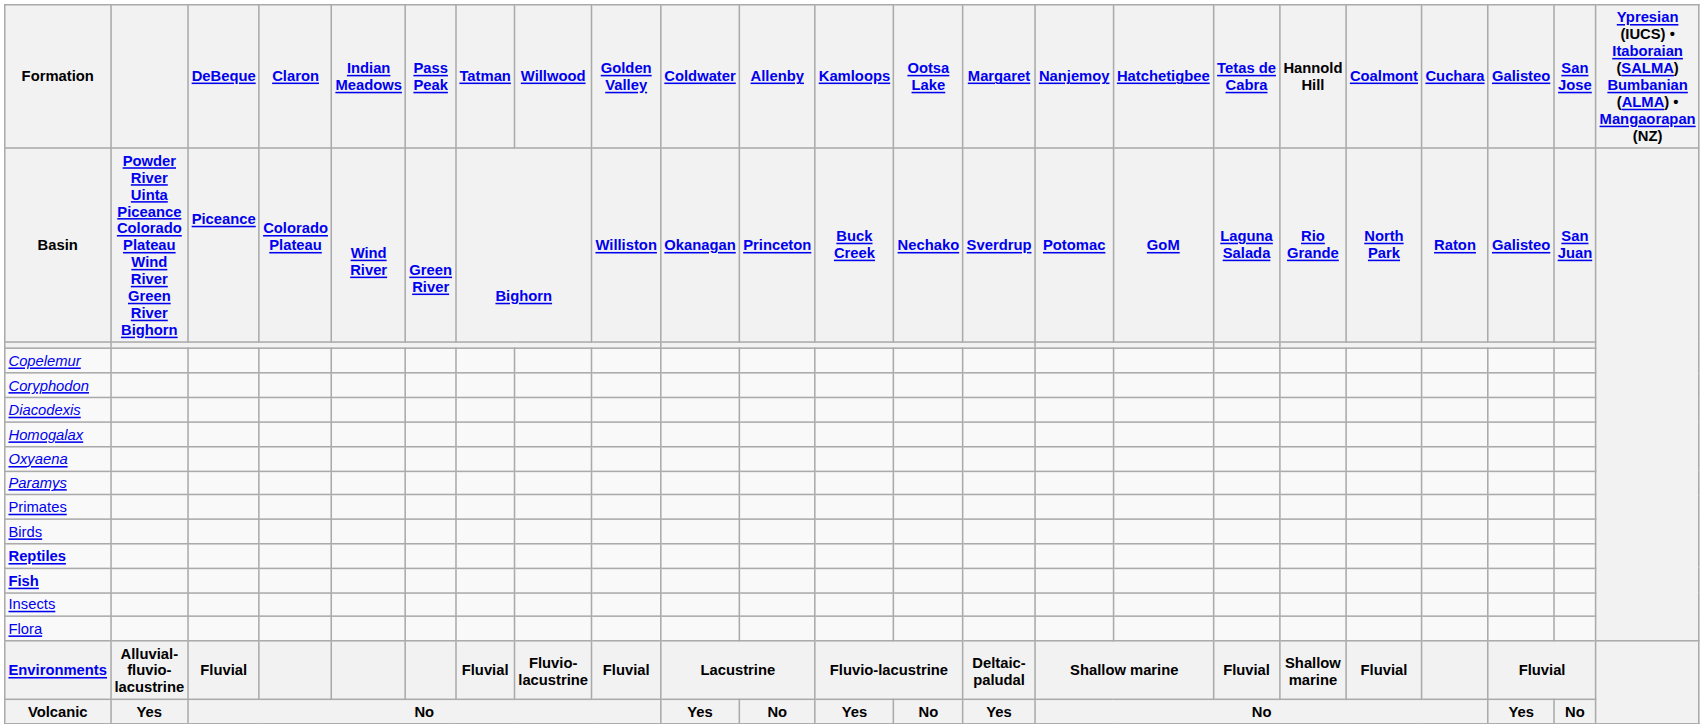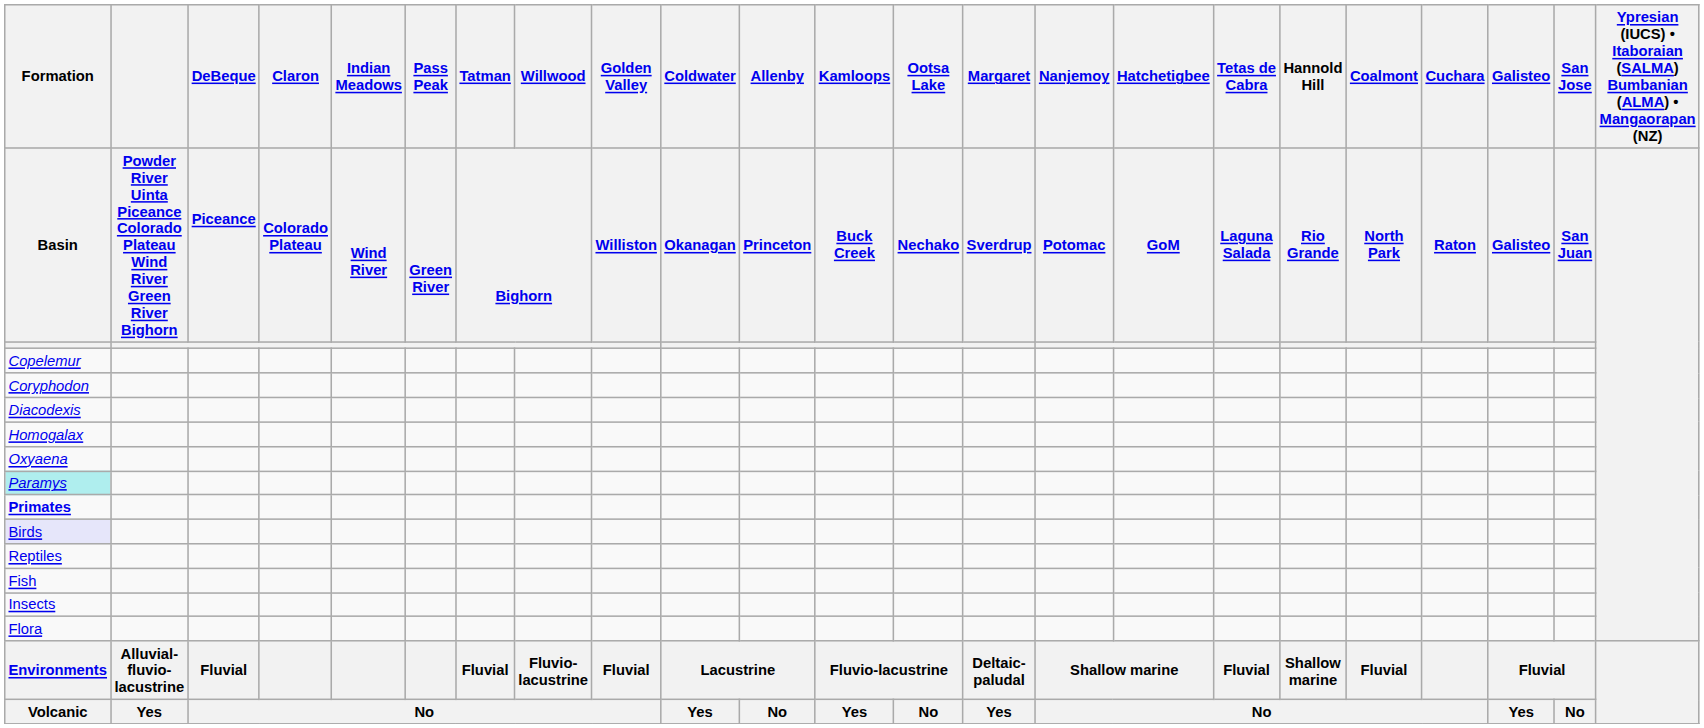 <table class="wikitable" style="font-size: 60%">
 <tr>
 <th>Formation</th>
 <th></th>
 <th><a href='#'>DeBeque</a></th>
 <th><a href='#'>Claron</a></th>
 <th><a href='#'>Indian Meadows</a></th>
 <th><a href='#'>Pass Peak</a></th>
 <th><a href='#'>Tatman</a></th>
 <th><a href='#'>Willwood</a></th>
 <th><a href='#'>Golden Valley</a></th>
 <th><a href='#'>Coldwater</a></th>
 <th><a href='#'>Allenby</a></th>
 <th><a href='#'>Kamloops</a></th>
 <th><a href='#'>Ootsa Lake</a></th>
 <th><a href='#'>Margaret</a></th>
 <th><a href='#'>Nanjemoy</a></th>
 <th><a href='#'>Hatchetigbee</a></th>
 <th><a href='#'>Tetas de Cabra</a></th>
 <th>Hannold Hill</th>
 <th><a href='#'>Coalmont</a></th>
 <th><a href='#'>Cuchara</a></th>
 <th><a href='#'>Galisteo</a></th>
 <th><a href='#'>San Jose</a></th>
 <th><a href='#'>Ypresian</a> (IUCS) • <a href='#'>Itaboraian</a> (<a href='#'>SALMA</a>)<br><a href='#'>Bumbanian</a> (<a href='#'>ALMA</a>) • <a href='#'>Mangaorapan</a> (NZ)</th>
 </tr>
 <tr>
 <th>Basin</th>
 <th><a href='#'>Powder River</a><br><a href='#'>Uinta</a><br><a href='#'>Piceance</a><br><a href='#'>Colorado Plateau</a><br><a href='#'>Wind River</a><br><a href='#'>Green River</a><br><a href='#'>Bighorn</a></th>
 <th><a href='#'>Piceance</a><br><br><br><br></th>
 <th><br><a href='#'>Colorado Plateau</a><br><br><br></th>
 <th><br><br><br><a href='#'>Wind River</a><br><br></th>
 <th><br><br><br><br><a href='#'>Green River</a><br></th>
 <th colspan=2><br><br><br><br><br><br><a href='#'>Bighorn</a></th>
 <th><a href='#'>Williston</a></th>
 <th><a href='#'>Okanagan</a></th>
 <th><a href='#'>Princeton</a></th>
 <th><a href='#'>Buck Creek</a></th>
 <th><a href='#'>Nechako</a></th>
 <th><a href='#'>Sverdrup</a></th>
 <th><a href='#'>Potomac</a></th>
 <th><a href='#'>GoM</a></th>
 <th><a href='#'>Laguna Salada</a></th>
 <th><a href='#'>Rio Grande</a></th>
 <th><a href='#'>North Park</a></th>
 <th><a href='#'>Raton</a></th>
 <th><a href='#'>Galisteo</a></th>
 <th><a href='#'>San Juan</a></th>
 <th align=center rowspan=14></th>
 </tr>
 <tr>
 <th></th>
 <th colspan=8></th>
 <th colspan=5></th>
 <th colspan=2></th>
 <th></th>
 <th colspan=5></th>
 </tr>
 <tr>
 <td><em><a href='#'>Copelemur</a></em></td>
 <td align=center></td>
 <td align=center></td>
 <td align=center></td>
 <td align=center></td>
 <td align=center></td>
 <td align=center></td>
 <td align=center></td>
 <td align=center></td>
 <td align=center></td>
 <td align=center></td>
 <td align=center></td>
 <td align=center></td>
 <td align=center></td>
 <td align=center></td>
 <td align=center></td>
 <td align=center></td>
 <td align=center></td>
 <td align=center></td>
 <td align=center></td>
 <td align=center></td>
 <td align=center></td>
 </tr>
 <tr>
 <td><em><a href='#'>Coryphodon</a></em></td>
 <td align=center></td>
 <td align=center></td>
 <td align=center></td>
 <td align=center></td>
 <td align=center></td>
 <td align=center></td>
 <td align=center></td>
 <td align=center></td>
 <td align=center></td>
 <td align=center></td>
 <td align=center></td>
 <td align=center></td>
 <td align=center></td>
 <td align=center></td>
 <td align=center></td>
 <td align=center></td>
 <td align=center></td>
 <td align=center></td>
 <td align=center></td>
 <td align=center></td>
 <td align=center></td>
 </tr>
 <tr>
 <td><em><a href='#'>Diacodexis</a></em></td>
 <td align=center></td>
 <td align=center></td>
 <td align=center></td>
 <td align=center></td>
 <td align=center></td>
 <td align=center></td>
 <td align=center></td>
 <td align=center></td>
 <td align=center></td>
 <td align=center></td>
 <td align=center></td>
 <td align=center></td>
 <td align=center></td>
 <td align=center></td>
 <td align=center></td>
 <td align=center></td>
 <td align=center></td>
 <td align=center></td>
 <td align=center></td>
 <td align=center></td>
 <td align=center></td>
 </tr>
 <tr>
 <td><em><a href='#'>Homogalax</a></em></td>
 <td align=center></td>
 <td align=center></td>
 <td align=center></td>
 <td align=center></td>
 <td align=center></td>
 <td align=center></td>
 <td align=center></td>
 <td align=center></td>
 <td align=center></td>
 <td align=center></td>
 <td align=center></td>
 <td align=center></td>
 <td align=center></td>
 <td align=center></td>
 <td align=center></td>
 <td align=center></td>
 <td align=center></td>
 <td align=center></td>
 <td align=center></td>
 <td align=center></td>
 <td align=center></td>
 </tr>
 <tr>
 <td><em><a href='#'>Oxyaena</a></em></td>
 <td align=center></td>
 <td align=center></td>
 <td align=center></td>
 <td align=center></td>
 <td align=center></td>
 <td align=center></td>
 <td align=center></td>
 <td align=center></td>
 <td align=center></td>
 <td align=center></td>
 <td align=center></td>
 <td align=center></td>
 <td align=center></td>
 <td align=center></td>
 <td align=center></td>
 <td align=center></td>
 <td align=center></td>
 <td align=center></td>
 <td align=center></td>
 <td align=center></td>
 <td align=center></td>
 </tr>
 <tr>
-<td><em><a href='#'>Paramys</a></em></td>
+<td style="background: paleturquoise;"><em><a href='#'>Paramys</a></em></td>
 <td align=center></td>
 <td align=center></td>
 <td align=center></td>
 <td align=center></td>
 <td align=center></td>
 <td align=center></td>
 <td align=center></td>
 <td align=center></td>
 <td align=center></td>
 <td align=center></td>
 <td align=center></td>
 <td align=center></td>
 <td align=center></td>
 <td align=center></td>
 <td align=center></td>
 <td align=center></td>
 <td align=center></td>
 <td align=center></td>
 <td align=center></td>
 <td align=center></td>
 <td align=center></td>
 </tr>
 <tr>
-<td><a href='#'>Primates</a></td>
+<td><strong><a href='#'>Primates</a></strong></td>
 <td align=center></td>
 <td align=center></td>
 <td align=center></td>
 <td align=center></td>
 <td align=center></td>
 <td align=center></td>
 <td align=center></td>
 <td align=center></td>
 <td align=center></td>
 <td align=center></td>
 <td align=center></td>
 <td align=center></td>
 <td align=center></td>
 <td align=center></td>
 <td align=center></td>
 <td align=center></td>
 <td align=center></td>
 <td align=center></td>
 <td align=center></td>
 <td align=center></td>
 <td align=center></td>
 </tr>
 <tr>
-<td><a href='#'>Birds</a></td>
+<td style="background: lavender;"><a href='#'>Birds</a></td>
 <td align=center></td>
 <td align=center></td>
 <td align=center></td>
 <td align=center></td>
 <td align=center></td>
 <td align=center></td>
 <td align=center></td>
 <td align=center></td>
 <td align=center></td>
 <td align=center></td>
 <td align=center></td>
 <td align=center></td>
 <td align=center></td>
 <td align=center></td>
 <td align=center></td>
 <td align=center></td>
 <td align=center></td>
 <td align=center></td>
 <td align=center></td>
 <td align=center></td>
 <td align=center></td>
 </tr>
 <tr>
-<td><strong><a href='#'>Reptiles</a></strong></td>
+<td><a href='#'>Reptiles</a></td>
 <td align=center></td>
 <td align=center></td>
 <td align=center></td>
 <td align=center></td>
 <td align=center></td>
 <td align=center></td>
 <td align=center></td>
 <td align=center></td>
 <td align=center></td>
 <td align=center></td>
 <td align=center></td>
 <td align=center></td>
 <td align=center></td>
 <td align=center></td>
 <td align=center></td>
 <td align=center></td>
 <td align=center></td>
 <td align=center></td>
 <td align=center></td>
 <td align=center></td>
 <td align=center></td>
 </tr>
 <tr>
-<td><strong><a href='#'>Fish</a></strong></td>
+<td><a href='#'>Fish</a></td>
 <td align=center></td>
 <td align=center></td>
 <td align=center></td>
 <td align=center></td>
 <td align=center></td>
 <td align=center></td>
 <td align=center></td>
 <td align=center></td>
 <td align=center></td>
 <td align=center></td>
 <td align=center></td>
 <td align=center></td>
 <td align=center></td>
 <td align=center></td>
 <td align=center></td>
 <td align=center></td>
 <td align=center></td>
 <td align=center></td>
 <td align=center></td>
 <td align=center></td>
 <td align=center></td>
 </tr>
 <tr>
 <td><a href='#'>Insects</a></td>
 <td align=center></td>
 <td align=center></td>
 <td align=center></td>
 <td align=center></td>
 <td align=center></td>
 <td align=center></td>
 <td align=center></td>
 <td align=center></td>
 <td align=center></td>
 <td align=center></td>
 <td align=center></td>
 <td align=center></td>
 <td align=center></td>
 <td align=center></td>
 <td align=center></td>
 <td align=center></td>
 <td align=center></td>
 <td align=center></td>
 <td align=center></td>
 <td align=center></td>
 <td align=center></td>
 </tr>
 <tr>
 <td><a href='#'>Flora</a></td>
 <td align=center></td>
 <td align=center></td>
 <td align=center></td>
 <td align=center></td>
 <td align=center></td>
 <td align=center></td>
 <td align=center></td>
 <td align=center></td>
 <td align=center></td>
 <td align=center></td>
 <td align=center></td>
 <td align=center></td>
 <td align=center></td>
 <td align=center></td>
 <td align=center></td>
 <td align=center></td>
 <td align=center></td>
 <td align=center></td>
 <td align=center></td>
 <td align=center></td>
 <td align=center></td>
 </tr>
 <tr>
 <th><a href='#'>Environments</a></th>
 <th>Alluvial-fluvio-lacustrine</th>
 <th>Fluvial</th>
 <th></th>
 <th></th>
 <th></th>
 <th>Fluvial</th>
 <th>Fluvio-lacustrine</th>
 <th>Fluvial</th>
 <th colspan=2>Lacustrine</th>
 <th colspan=2>Fluvio-lacustrine</th>
 <th>Deltaic-paludal</th>
 <th colspan=2>Shallow marine</th>
 <th>Fluvial</th>
 <th>Shallow marine</th>
 <th>Fluvial</th>
 <th></th>
 <th colspan=2>Fluvial</th>
 <th rowspan=2 align=left><br><br></th>
 </tr>
 <tr>
 <th>Volcanic</th>
 <th>Yes</th>
 <th colspan=7>No</th>
 <th>Yes</th>
 <th>No</th>
 <th>Yes</th>
 <th>No</th>
 <th>Yes</th>
 <th colspan=6>No</th>
 <th>Yes</th>
 <th>No</th>
 </tr>
 <tr>
 </tr>
 </table>
